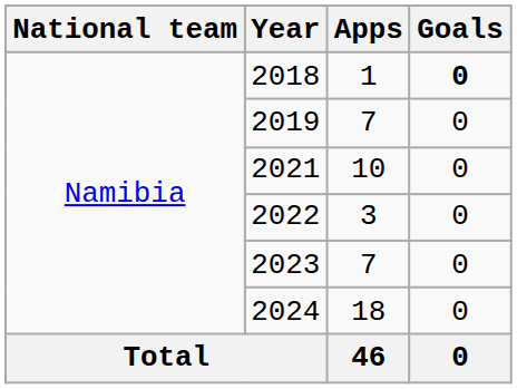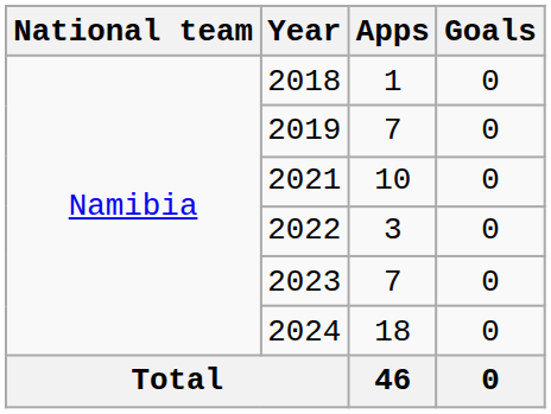 <table class=wikitable style=text-align:center>
 <tr>
 <th>National team</th>
 <th>Year</th>
 <th>Apps</th>
 <th>Goals</th>
 </tr>
 <tr>
 <td rowspan="6"><a href='#'>Namibia</a></td>
 <td>2018</td>
 <td>1</td>
-<td><strong>0</strong></td>
+<td>0</td>
 </tr>
 <tr>
 <td>2019</td>
 <td>7</td>
 <td>0</td>
 </tr>
 <tr>
 <td>2021</td>
 <td>10</td>
 <td>0</td>
 </tr>
 <tr>
 <td>2022</td>
 <td>3</td>
 <td>0</td>
 </tr>
 <tr>
 <td>2023</td>
 <td>7</td>
 <td>0</td>
 </tr>
 <tr>
 <td>2024</td>
 <td>18</td>
 <td>0</td>
 </tr>
 <tr>
 <th colspan="2">Total</th>
 <th>46</th>
 <th>0</th>
 </tr>
 </table>
